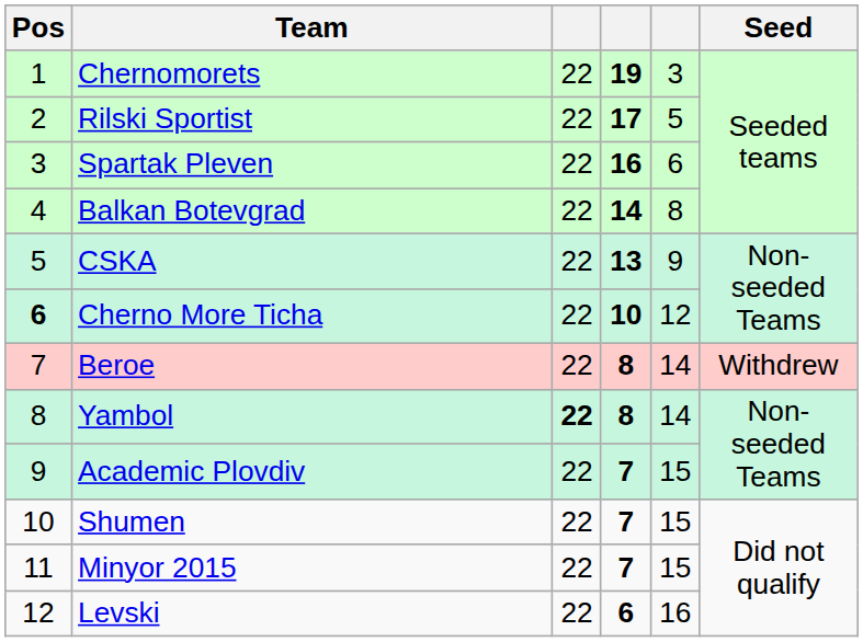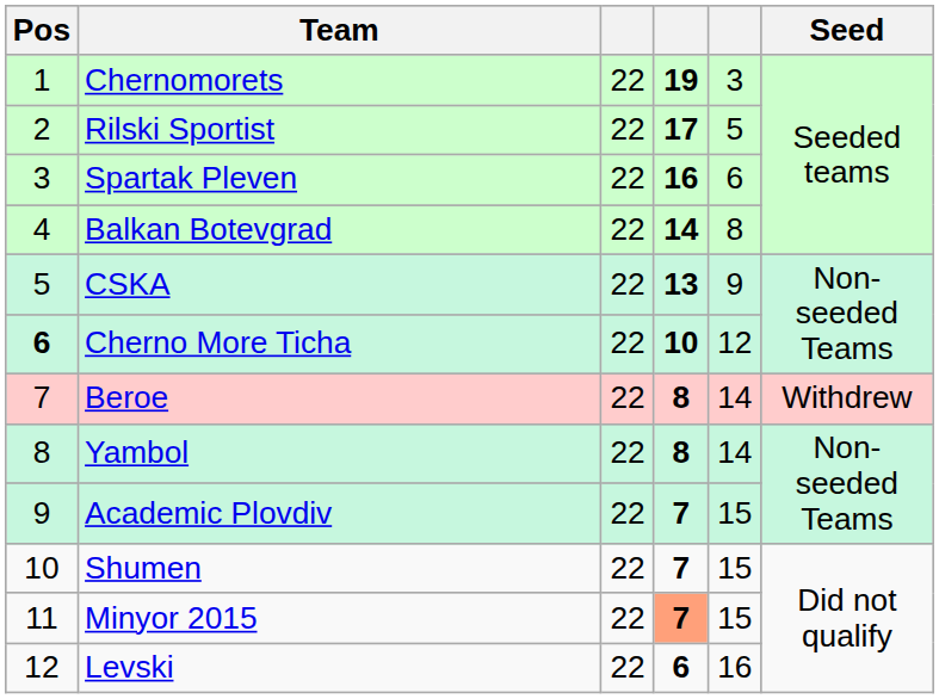 <table class="wikitable" style="text-align: center;">
 <tr>
 <th width="15">Pos</th>
 <th width="260">Team</th>
 <th width="20"></th>
 <th width="20"></th>
 <th width="20"></th>
 <th width="80">Seed</th>
 </tr>
 <tr bgcolor="#cfc">
 <td>1</td>
 <td align="left"><a href='#'>Chernomorets</a></td>
 <td>22</td>
 <td><strong>19</strong></td>
 <td>3</td>
 <td rowspan="4">Seeded teams</td>
 </tr>
 <tr bgcolor="#cfc">
 <td>2</td>
 <td align="left"><a href='#'>Rilski Sportist</a></td>
 <td>22</td>
 <td><strong>17</strong></td>
 <td>5</td>
 </tr>
 <tr bgcolor="#cfc">
 <td>3</td>
 <td align="left"><a href='#'>Spartak Pleven</a></td>
 <td>22</td>
 <td><strong>16</strong></td>
 <td>6</td>
 </tr>
 <tr bgcolor="#cfc">
 <td>4</td>
 <td align="left"><a href='#'>Balkan Botevgrad</a></td>
 <td>22</td>
 <td><strong>14</strong></td>
 <td>8</td>
 </tr>
 <tr bgcolor="#c6f7de">
 <td>5</td>
 <td align="left"><a href='#'>CSKA</a></td>
 <td>22</td>
 <td><strong>13</strong></td>
 <td>9</td>
 <td rowspan="2">Non-seeded Teams</td>
 </tr>
 <tr bgcolor="#c6f7de">
 <td><strong>6</strong></td>
 <td align="left"><a href='#'>Cherno More Ticha</a></td>
 <td>22</td>
 <td><strong>10</strong></td>
 <td>12</td>
 </tr>
 <tr bgcolor="#fcc">
 <td>7</td>
 <td align="left"><a href='#'>Beroe</a></td>
 <td>22</td>
 <td><strong>8</strong></td>
 <td>14</td>
 <td rowspan="1">Withdrew</td>
 </tr>
 <tr bgcolor="#c6f7de">
 <td>8</td>
 <td align="left"><a href='#'>Yambol</a></td>
-<td><strong>22</strong></td>
+<td>22</td>
 <td><strong>8</strong></td>
 <td>14</td>
 <td rowspan="2">Non-seeded Teams</td>
 </tr>
 <tr bgcolor="#c6f7de">
 <td>9</td>
 <td align="left"><a href='#'>Academic Plovdiv</a></td>
 <td>22</td>
 <td><strong>7</strong></td>
 <td>15</td>
 </tr>
 <tr>
 <td>10</td>
 <td align="left"><a href='#'>Shumen</a></td>
 <td>22</td>
 <td><strong>7</strong></td>
 <td>15</td>
 <td rowspan="3">Did not qualify</td>
 </tr>
 <tr>
 <td>11</td>
 <td align="left"><a href='#'>Minyor 2015</a></td>
 <td>22</td>
-<td><strong>7</strong></td>
+<td style="background: lightsalmon;"><strong>7</strong></td>
 <td>15</td>
 </tr>
 <tr>
 <td>12</td>
 <td align="left"><a href='#'>Levski</a></td>
 <td>22</td>
 <td><strong>6</strong></td>
 <td>16</td>
 </tr>
 </table>
